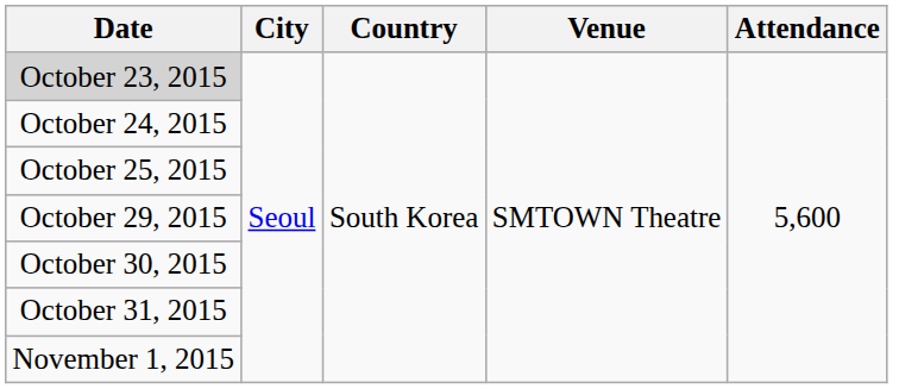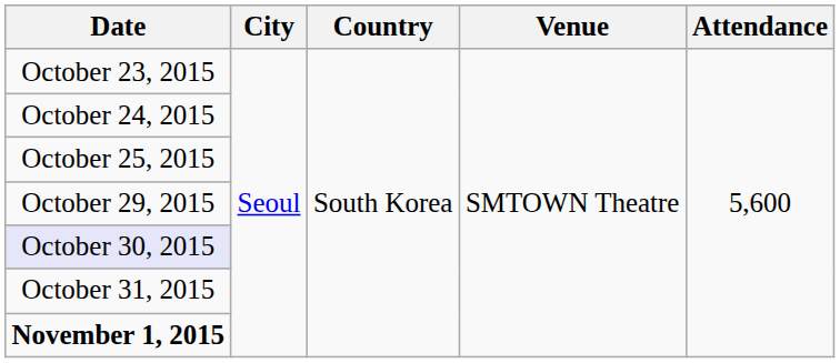 <table class="wikitable plainrowheaders" style="text-align:center;">
 <tr>
 <th>Date</th>
 <th>City</th>
 <th>Country</th>
 <th>Venue</th>
 <th>Attendance</th>
 </tr>
 <tr>
-<td style="background: lightgrey;">October 23, 2015</td>
+<td>October 23, 2015</td>
 <td rowspan="7"><a href='#'>Seoul</a></td>
 <td rowspan="7">South Korea</td>
 <td rowspan="7">SMTOWN Theatre</td>
 <td rowspan="7">5,600</td>
 </tr>
 <tr>
 <td>October 24, 2015</td>
 </tr>
 <tr>
 <td>October 25, 2015</td>
 </tr>
 <tr>
 <td>October 29, 2015</td>
 </tr>
 <tr>
-<td>October 30, 2015</td>
+<td style="background: lavender;">October 30, 2015</td>
 </tr>
 <tr>
 <td>October 31, 2015</td>
 </tr>
 <tr>
-<td>November 1, 2015</td>
+<td><strong>November 1, 2015</strong></td>
 </tr>
 </table>
